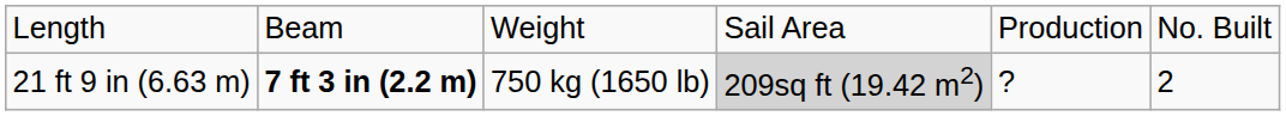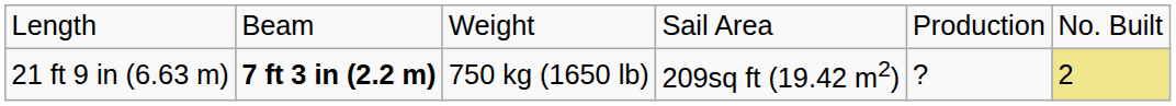 <table class="wikitable">
 <tr>
 <td>Length</td>
 <td>Beam</td>
 <td>Weight</td>
 <td>Sail Area</td>
 <td>Production</td>
 <td>No. Built</td>
 </tr>
 <tr>
 <td>21 ft 9 in (6.63 m)</td>
 <td><strong>7 ft 3 in (2.2 m)</strong></td>
 <td>750 kg (1650 lb)</td>
-<td style="background: lightgrey;">209sq ft (19.42 m<sup>2</sup>)</td>
+<td>209sq ft (19.42 m<sup>2</sup>)</td>
 <td>?</td>
-<td>2</td>
+<td style="background: khaki;">2</td>
 </tr>
 </table>
